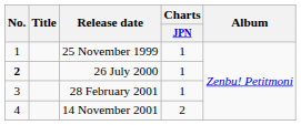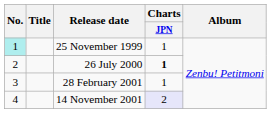 <table class="wikitable" style="text-align:center;">
 <tr>
 <th rowspan="2">No.</th>
 <th rowspan="2">Title</th>
 <th rowspan="2">Release date</th>
 <th>Charts</th>
 <th rowspan="2">Album</th>
 </tr>
 <tr style="font-size:smaller;">
 <th style="width:45px;"><a href='#'>JPN</a></th>
 </tr>
 <tr>
-<td>1</td>
+<td style="background: paleturquoise;">1</td>
 <td align="left"></td>
 <td align="right">25 November 1999</td>
 <td>1</td>
 <td align="left" rowspan="4"><em><a href='#'>Zenbu! Petitmoni</a></em></td>
 </tr>
 <tr>
-<td><strong>2</strong></td>
+<td>2</td>
 <td align="left"></td>
 <td align="right">26 July 2000</td>
-<td>1</td>
+<td><strong>1</strong></td>
 </tr>
 <tr>
 <td>3</td>
 <td align="left"></td>
 <td align="right">28 February 2001</td>
 <td>1</td>
 </tr>
 <tr>
 <td>4</td>
 <td align="left"></td>
 <td align="right">14 November 2001</td>
-<td>2</td>
+<td style="background: lavender;">2</td>
 </tr>
 </table>
